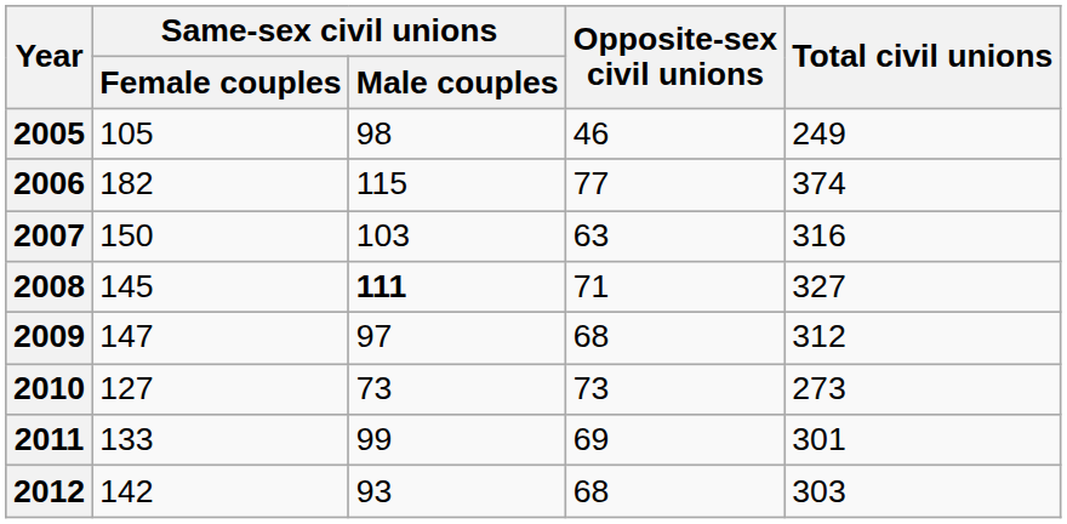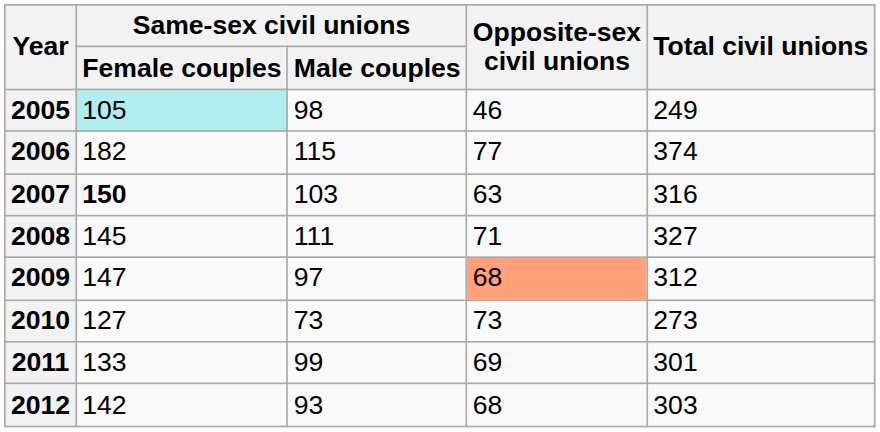 <table class="wikitable">
 <tr>
 <th rowspan=2>Year</th>
 <th colspan=2>Same-sex civil unions</th>
 <th rowspan=2>Opposite-sex<br>civil unions</th>
 <th rowspan=2>Total civil unions</th>
 </tr>
 <tr>
 <th>Female couples</th>
 <th>Male couples</th>
 </tr>
 <tr>
 <th>2005</th>
-<td>105</td>
+<td style="background: paleturquoise;">105</td>
 <td>98</td>
 <td>46</td>
 <td>249</td>
 </tr>
 <tr>
 <th>2006</th>
 <td>182</td>
 <td>115</td>
 <td>77</td>
 <td>374</td>
 </tr>
 <tr>
 <th>2007</th>
-<td>150</td>
+<td><strong>150</strong></td>
 <td>103</td>
 <td>63</td>
 <td>316</td>
 </tr>
 <tr>
 <th>2008</th>
 <td>145</td>
-<td><strong>111</strong></td>
+<td>111</td>
 <td>71</td>
 <td>327</td>
 </tr>
 <tr>
 <th>2009</th>
 <td>147</td>
 <td>97</td>
-<td>68</td>
+<td style="background: lightsalmon;">68</td>
 <td>312</td>
 </tr>
 <tr>
 <th>2010</th>
 <td>127</td>
 <td>73</td>
 <td>73</td>
 <td>273</td>
 </tr>
 <tr>
 <th>2011</th>
 <td>133</td>
 <td>99</td>
 <td>69</td>
 <td>301</td>
 </tr>
 <tr>
 <th>2012</th>
 <td>142</td>
 <td>93</td>
 <td>68</td>
 <td>303</td>
 </tr>
 </table>
